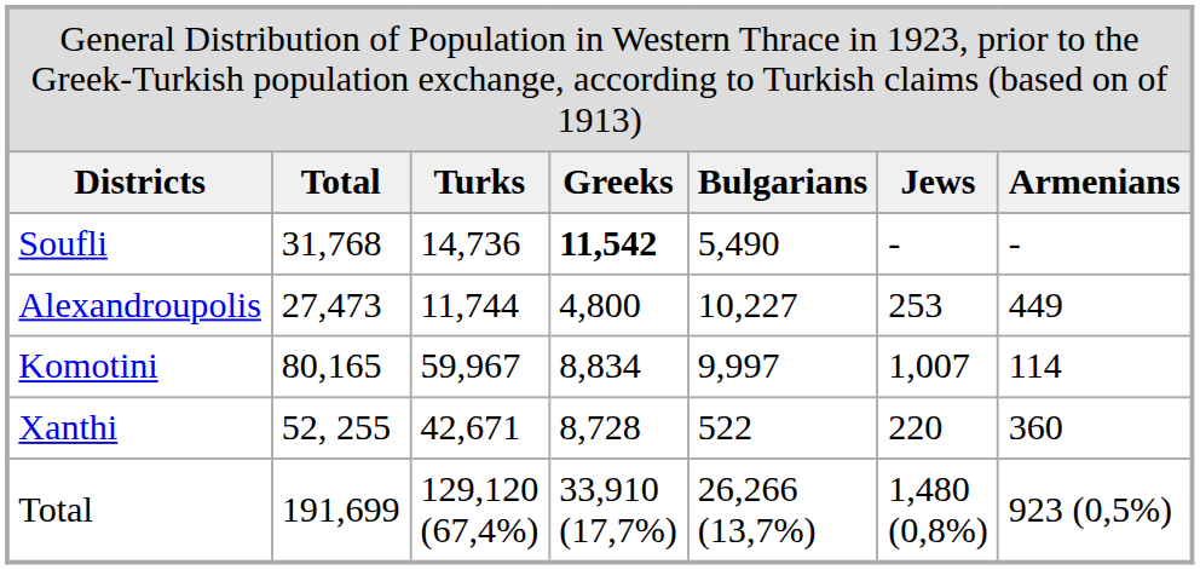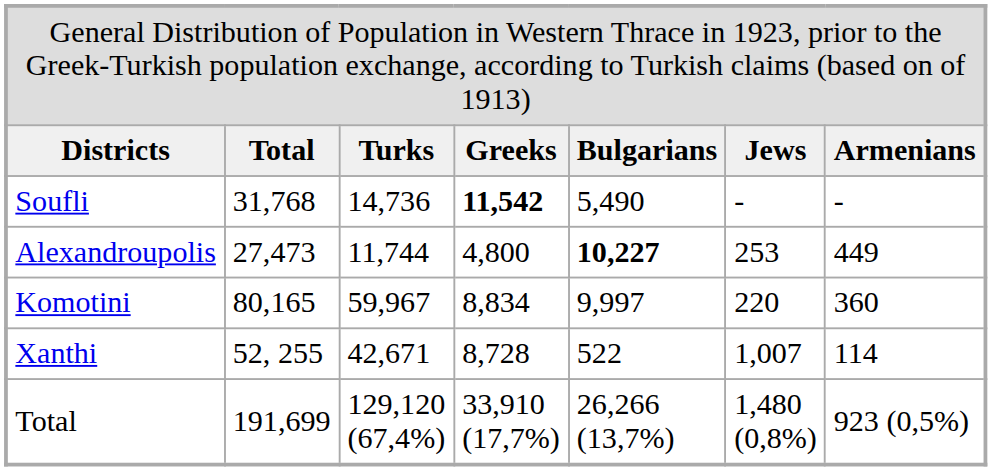 <table cellpadding="4" cellspacing="0" width=250 align="center" rules="all" style="margin: 1em; background: #ffffff; border: 2px solid #aaa; font-size: 100%;">
 <tr bgcolor=#DDDDDD>
 <td colspan=8 align="center">General Distribution of Population in Western Thrace in 1923, prior to the Greek-Turkish population exchange, according to Turkish claims (based on of 1913)</td>
 </tr>
 <tr bgcolor=#f0f0f0 align="center">
 <th>Districts</th>
 <th>Total</th>
 <th>Turks</th>
 <th>Greeks</th>
 <th>Bulgarians</th>
 <th>Jews</th>
 <th>Armenians</th>
 </tr>
 <tr>
 <td><a href='#'>Soufli</a></td>
 <td>31,768</td>
 <td>14,736</td>
 <td><strong>11,542</strong></td>
 <td>5,490</td>
 <td>-</td>
 <td>-</td>
 </tr>
 <tr>
 <td><a href='#'>Alexandroupolis</a></td>
 <td>27,473</td>
 <td>11,744</td>
 <td>4,800</td>
-<td>10,227</td>
+<td><strong>10,227</strong></td>
 <td>253</td>
 <td>449</td>
 </tr>
 <tr>
 <td><a href='#'>Komotini</a></td>
 <td>80,165</td>
 <td>59,967</td>
 <td>8,834</td>
 <td>9,997</td>
-<td>1,007</td>
-<td>114</td>
+<td>220</td>
+<td>360</td>
 </tr>
 <tr>
 <td><a href='#'>Xanthi</a></td>
 <td>52, 255</td>
 <td>42,671</td>
 <td>8,728</td>
 <td>522</td>
-<td>220</td>
-<td>360</td>
+<td>1,007</td>
+<td>114</td>
 </tr>
 <tr>
 <td>Total</td>
 <td>191,699</td>
 <td>129,120 (67,4%)</td>
 <td>33,910 (17,7%)</td>
 <td>26,266 (13,7%)</td>
 <td>1,480 (0,8%)</td>
 <td>923 (0,5%)</td>
 </tr>
 </table>
